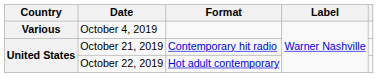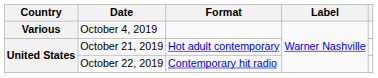 <table class="wikitable plainrowheaders">
 <tr>
 <th scope="col">Country</th>
 <th scope="col">Date</th>
 <th scope="col">Format</th>
 <th scope="col">Label</th>
 <th scope="col"></th>
 </tr>
 <tr>
 <th scope="row">Various</th>
 <td>October 4, 2019</td>
 <td></td>
 <td rowspan="3"><a href='#'>Warner Nashville</a></td>
 <td align="center"></td>
 </tr>
 <tr>
 <th scope="row" rowspan="2">United States</th>
 <td>October 21, 2019</td>
-<td><a href='#'>Contemporary hit radio</a></td>
+<td><a href='#'>Hot adult contemporary</a></td>
 <td align="center"></td>
 </tr>
 <tr>
 <td>October 22, 2019</td>
-<td><a href='#'>Hot adult contemporary</a></td>
+<td><a href='#'>Contemporary hit radio</a></td>
 <td align="center"></td>
 </tr>
 </table>
